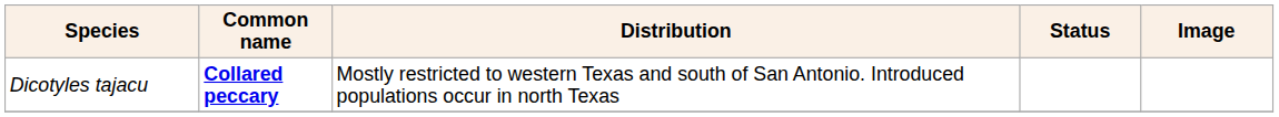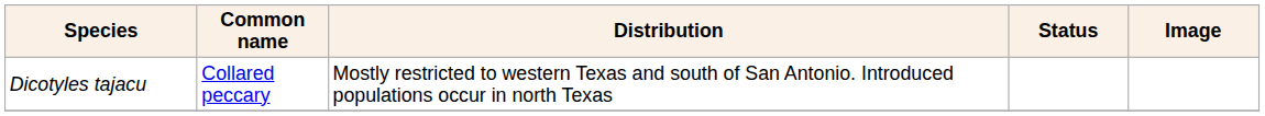 <table class="sortable wikitable plainrowheaders" border="0" style="background:#ffffff" align="top" class="sortable wikitable">
 <tr ->
 <th scope="col" style="background-color:Linen; color:Black" width=150 px>Species</th>
 <th scope="col" style="background-color:Linen; color:Black" width=100 px>Common name</th>
 <th scope="col" style="background:Linen; color:Black" width=550 px>Distribution</th>
 <th scope="col" style="background-color:Linen; color:Black" width=90 px>Status</th>
 <th scope="col" style="background:Linen; color:Black" width=100 px>Image</th>
 </tr>
 <tr>
 <td !scope="row" style="background:#ffffff"><em>Dicotyles tajacu</em></td>
-<td><strong><a href='#'>Collared peccary</a></strong></td>
+<td><a href='#'>Collared peccary</a></td>
 <td>Mostly restricted to western Texas and south of San Antonio. Introduced populations occur in north Texas</td>
 <td></td>
 <td></td>
 </tr>
 <tr>
 </tr>
 </table>
